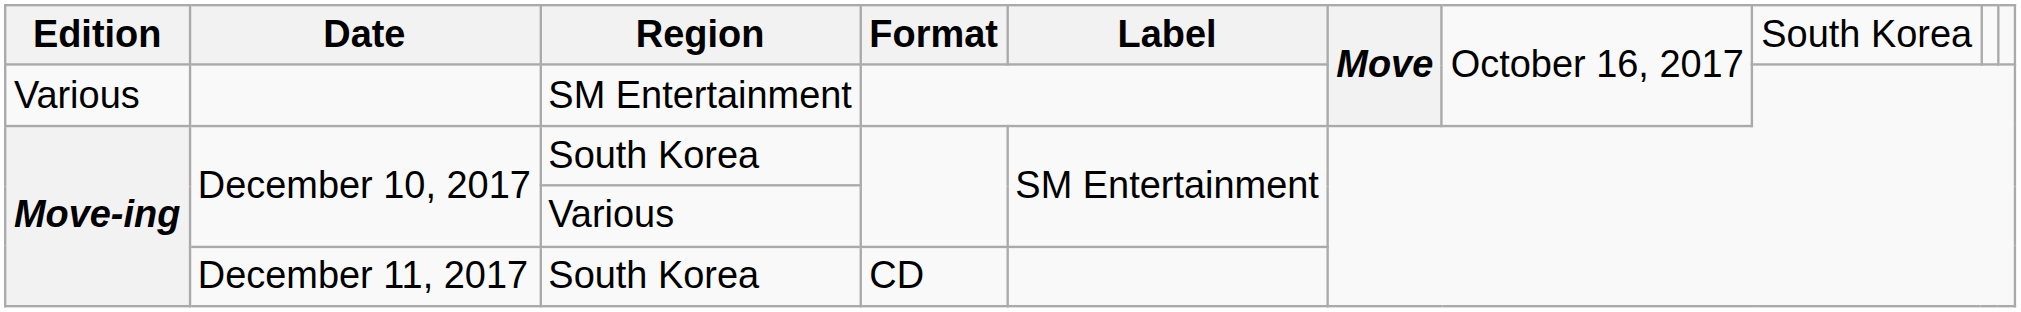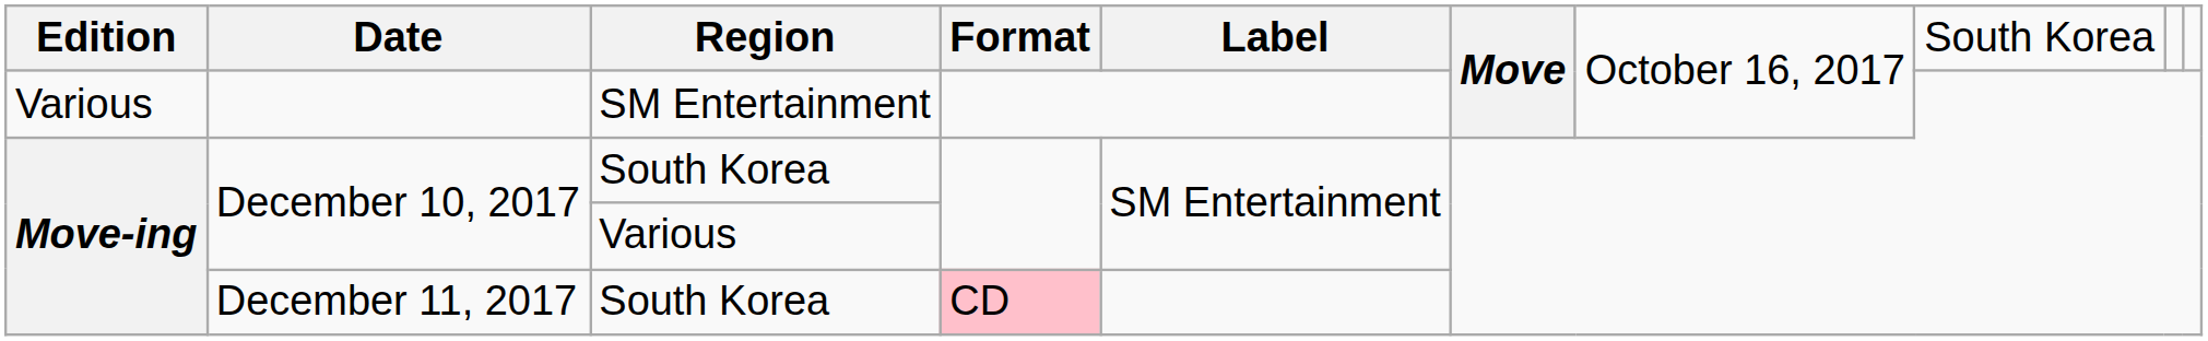 <table class="wikitable plainrowheaders">
 <tr>
 <th>Edition</th>
 <th>Date</th>
 <th>Region</th>
 <th>Format</th>
 <th>Label</th>
 <th scope="row" rowspan="2"><em>Move</em></th>
 <td rowspan="2">October 16, 2017</td>
 <td>South Korea</td>
 <td></td>
 <td></td>
 </tr>
 <tr>
 <td>Various</td>
 <td></td>
 <td>SM Entertainment</td>
 </tr>
 <tr>
 <th rowspan="3" scope="row"><em>Move-ing</em></th>
 <td rowspan="2">December 10, 2017</td>
 <td>South Korea</td>
 <td rowspan="2"></td>
 <td rowspan="2">SM Entertainment</td>
 </tr>
 <tr>
 <td>Various</td>
 </tr>
 <tr>
 <td>December 11, 2017</td>
 <td>South Korea</td>
-<td>CD</td>
+<td style="background: pink;">CD</td>
 <td></td>
 </tr>
 </table>
